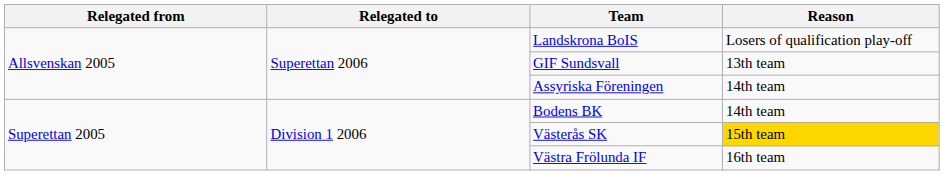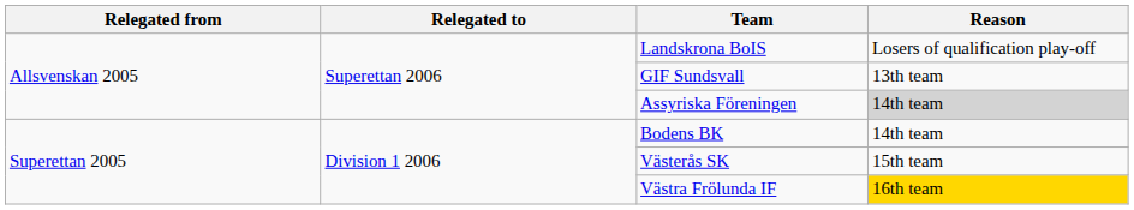 <table class="wikitable" style="text-align: left;">
 <tr>
 <th style="width: 275px;">Relegated from</th>
 <th style="width: 275px;">Relegated to</th>
 <th style="width: 200px;">Team</th>
 <th style="width: 225px;">Reason</th>
 </tr>
 <tr>
 <td rowspan="3"><a href='#'>Allsvenskan</a> 2005</td>
 <td rowspan="3"><a href='#'>Superettan</a> 2006</td>
 <td><a href='#'>Landskrona BoIS</a></td>
 <td>Losers of qualification play-off</td>
 </tr>
 <tr>
 <td><a href='#'>GIF Sundsvall</a></td>
 <td>13th team</td>
 </tr>
 <tr>
 <td><a href='#'>Assyriska Föreningen</a></td>
-<td>14th team</td>
+<td style="background: lightgrey;">14th team</td>
 </tr>
 <tr>
 <td rowspan="3"><a href='#'>Superettan</a> 2005</td>
 <td rowspan="3"><a href='#'>Division 1</a> 2006</td>
 <td><a href='#'>Bodens BK</a></td>
 <td>14th team</td>
 </tr>
 <tr>
 <td><a href='#'>Västerås SK</a></td>
-<td style="background: gold;">15th team</td>
+<td>15th team</td>
 </tr>
 <tr>
 <td><a href='#'>Västra Frölunda IF</a></td>
-<td>16th team</td>
+<td style="background: gold;">16th team</td>
 </tr>
 </table>
